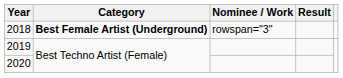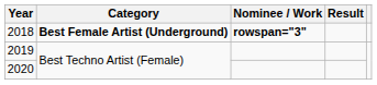 <table class=wikitable>
 <tr>
 <th>Year</th>
 <th>Category</th>
 <th>Nominee / Work</th>
 <th>Result</th>
 <th></th>
 </tr>
 <tr>
 <td>2018</td>
 <td><strong>Best Female Artist (Underground)</strong></td>
-<td>rowspan="3" </td>
+<td><strong>rowspan="3" </strong></td>
 <td></td>
 <td></td>
 </tr>
 <tr>
 <td>2019</td>
 <td rowspan="2">Best Techno Artist (Female)</td>
 <td></td>
 <td></td>
 </tr>
 <tr>
 <td>2020</td>
 <td></td>
 <td></td>
 </tr>
 </table>
